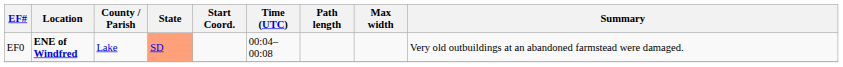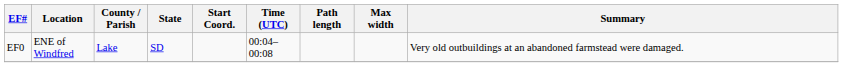 <table class="wikitable sortable" style="width:100%;">
 <tr>
 <th scope="col"  style="width:3%; text-align:center;"><a href='#'>EF#</a></th>
 <th scope="col"  style="width:7%; text-align:center;" class="unsortable">Location</th>
 <th scope="col"  style="width:6%; text-align:center;" class="unsortable">County / Parish</th>
 <th scope="col"  style="width:5%; text-align:center;">State</th>
 <th scope="col"  style="width:6%; text-align:center;">Start Coord.</th>
 <th scope="col"  style="width:6%; text-align:center;">Time (<a href='#'>UTC</a>)</th>
 <th scope="col"  style="width:6%; text-align:center;">Path length</th>
 <th scope="col"  style="width:6%; text-align:center;">Max width</th>
 <th scope="col" class="unsortable" style="width:48%; text-align:center;">Summary</th>
 </tr>
 <tr>
 <td>EF0</td>
-<td><strong>ENE of <a href='#'>Windfred</a></strong></td>
+<td>ENE of <a href='#'>Windfred</a></td>
 <td><a href='#'>Lake</a></td>
-<td style="background: lightsalmon;"><a href='#'>SD</a></td>
+<td><a href='#'>SD</a></td>
 <td></td>
 <td>00:04–00:08</td>
 <td></td>
 <td></td>
 <td>Very old outbuildings at an abandoned farmstead were damaged.</td>
 </tr>
 <tr>
 </tr>
 </table>
